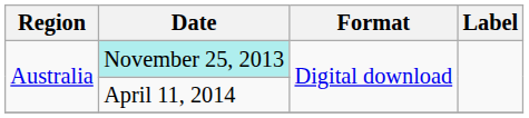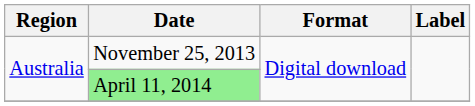 <table class=wikitable>
 <tr>
 <th>Region</th>
 <th>Date</th>
 <th>Format</th>
 <th>Label</th>
 </tr>
 <tr>
 <td rowspan="2"><a href='#'>Australia</a></td>
-<td style="background: paleturquoise;">November 25, 2013</td>
+<td>November 25, 2013</td>
 <td rowspan="2"><a href='#'>Digital download</a></td>
 <td rowspan="2"></td>
 </tr>
 <tr>
-<td>April 11, 2014</td>
+<td style="background: lightgreen;">April 11, 2014</td>
 </tr>
 <tr>
 </tr>
 </table>
